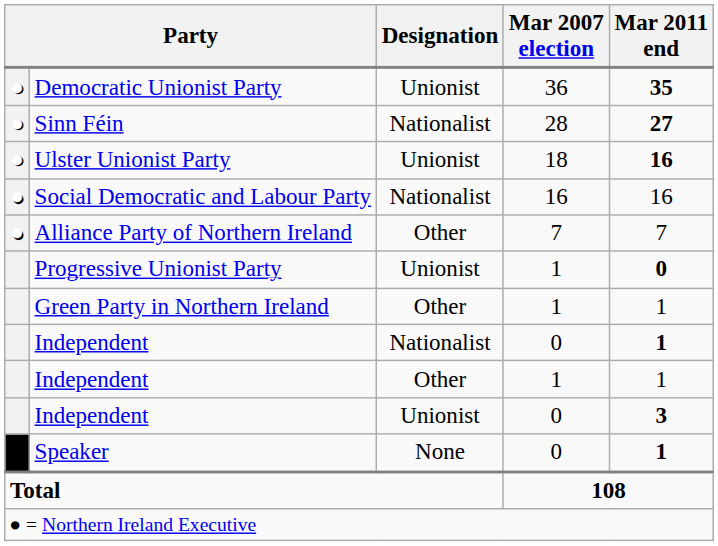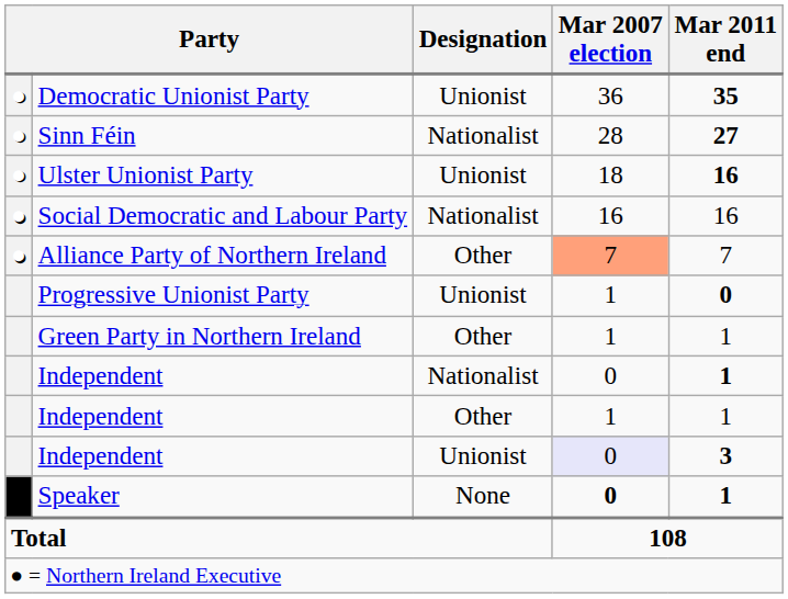 <table class="wikitable">
 <tr style="border-bottom: 2px solid gray;">
 <th colspan=2>Party</th>
 <th>Designation</th>
 <th>Mar 2007<br><a href='#'>election</a></th>
 <th>Mar 2011<br>end</th>
 </tr>
 <tr>
 <th style="color: white; text-shadow: 1px 1px 0 black; background-color: ">●</th>
 <td><a href='#'>Democratic Unionist Party</a></td>
 <td align="center">Unionist</td>
 <td align="center">36</td>
 <td align="center"><strong>35</strong></td>
 </tr>
 <tr>
 <th style="color: white; text-shadow: 1px 1px 0 black; background-color: ">●</th>
 <td><a href='#'>Sinn Féin</a></td>
 <td align="center">Nationalist</td>
 <td align="center">28</td>
 <td align="center"><strong>27</strong></td>
 </tr>
 <tr>
 <th style="color: white; text-shadow: 1px 1px 0 black; background-color: ">●</th>
 <td><a href='#'>Ulster Unionist Party</a></td>
 <td align="center">Unionist</td>
 <td align="center">18</td>
 <td align="center"><strong>16</strong></td>
 </tr>
 <tr>
 <th style="color: white; text-shadow: 1px 1px 0 black; background-color: ">●</th>
 <td><a href='#'>Social Democratic and Labour Party</a></td>
 <td align="center">Nationalist</td>
 <td align="center">16</td>
 <td align="center">16</td>
 </tr>
 <tr>
 <th style="color: white; text-shadow: 1px 1px 0 black; background-color: ">●</th>
 <td><a href='#'>Alliance Party of Northern Ireland</a></td>
 <td align="center">Other</td>
-<td align="center">7</td>
+<td align="center" style="background: lightsalmon;">7</td>
 <td align="center">7</td>
 </tr>
 <tr>
 <th style="color: white; text-shadow: 1px 1px 0 black; background-color: "></th>
 <td><a href='#'>Progressive Unionist Party</a></td>
 <td align="center">Unionist</td>
 <td align="center">1</td>
 <td align="center"><strong>0</strong></td>
 </tr>
 <tr>
 <th style="color: white; text-shadow: 1px 1px 0 black; background-color: "></th>
 <td><a href='#'>Green Party in Northern Ireland</a></td>
 <td align="center">Other</td>
 <td align="center">1</td>
 <td align="center">1</td>
 </tr>
 <tr>
 <th style="color: white; text-shadow: 1px 1px 0 black; background-color: "></th>
 <td><a href='#'>Independent</a></td>
 <td align="center">Nationalist</td>
 <td align="center">0</td>
 <td align="center"><strong>1</strong></td>
 </tr>
 <tr>
 <th style="color: white; text-shadow: 1px 1px 0 black; background-color: "></th>
 <td><a href='#'>Independent</a></td>
 <td align="center">Other</td>
 <td align="center">1</td>
 <td align="center">1</td>
 </tr>
 <tr>
 <th style="color: white; text-shadow: 1px 1px 0 black; background-color: "></th>
 <td><a href='#'>Independent</a></td>
 <td align="center">Unionist</td>
-<td align="center">0</td>
+<td align="center" style="background: lavender;">0</td>
 <td align="center"><strong>3</strong></td>
 </tr>
 <tr style="border-bottom: 2px solid gray;">
 <th style="background-color: #000000"></th>
 <td><a href='#'>Speaker</a></td>
 <td align="center">None</td>
-<td align="center">0</td>
+<td align="center"><strong>0</strong></td>
 <td align="center"><strong>1</strong></td>
 </tr>
 <tr>
 <td colspan="3"><strong>Total</strong></td>
 <td colspan="2" align="center"><strong>108</strong></td>
 </tr>
 <tr>
 <td colspan="5" style="font-size:85%">● = <a href='#'>Northern Ireland Executive</a></td>
 </tr>
 </table>
